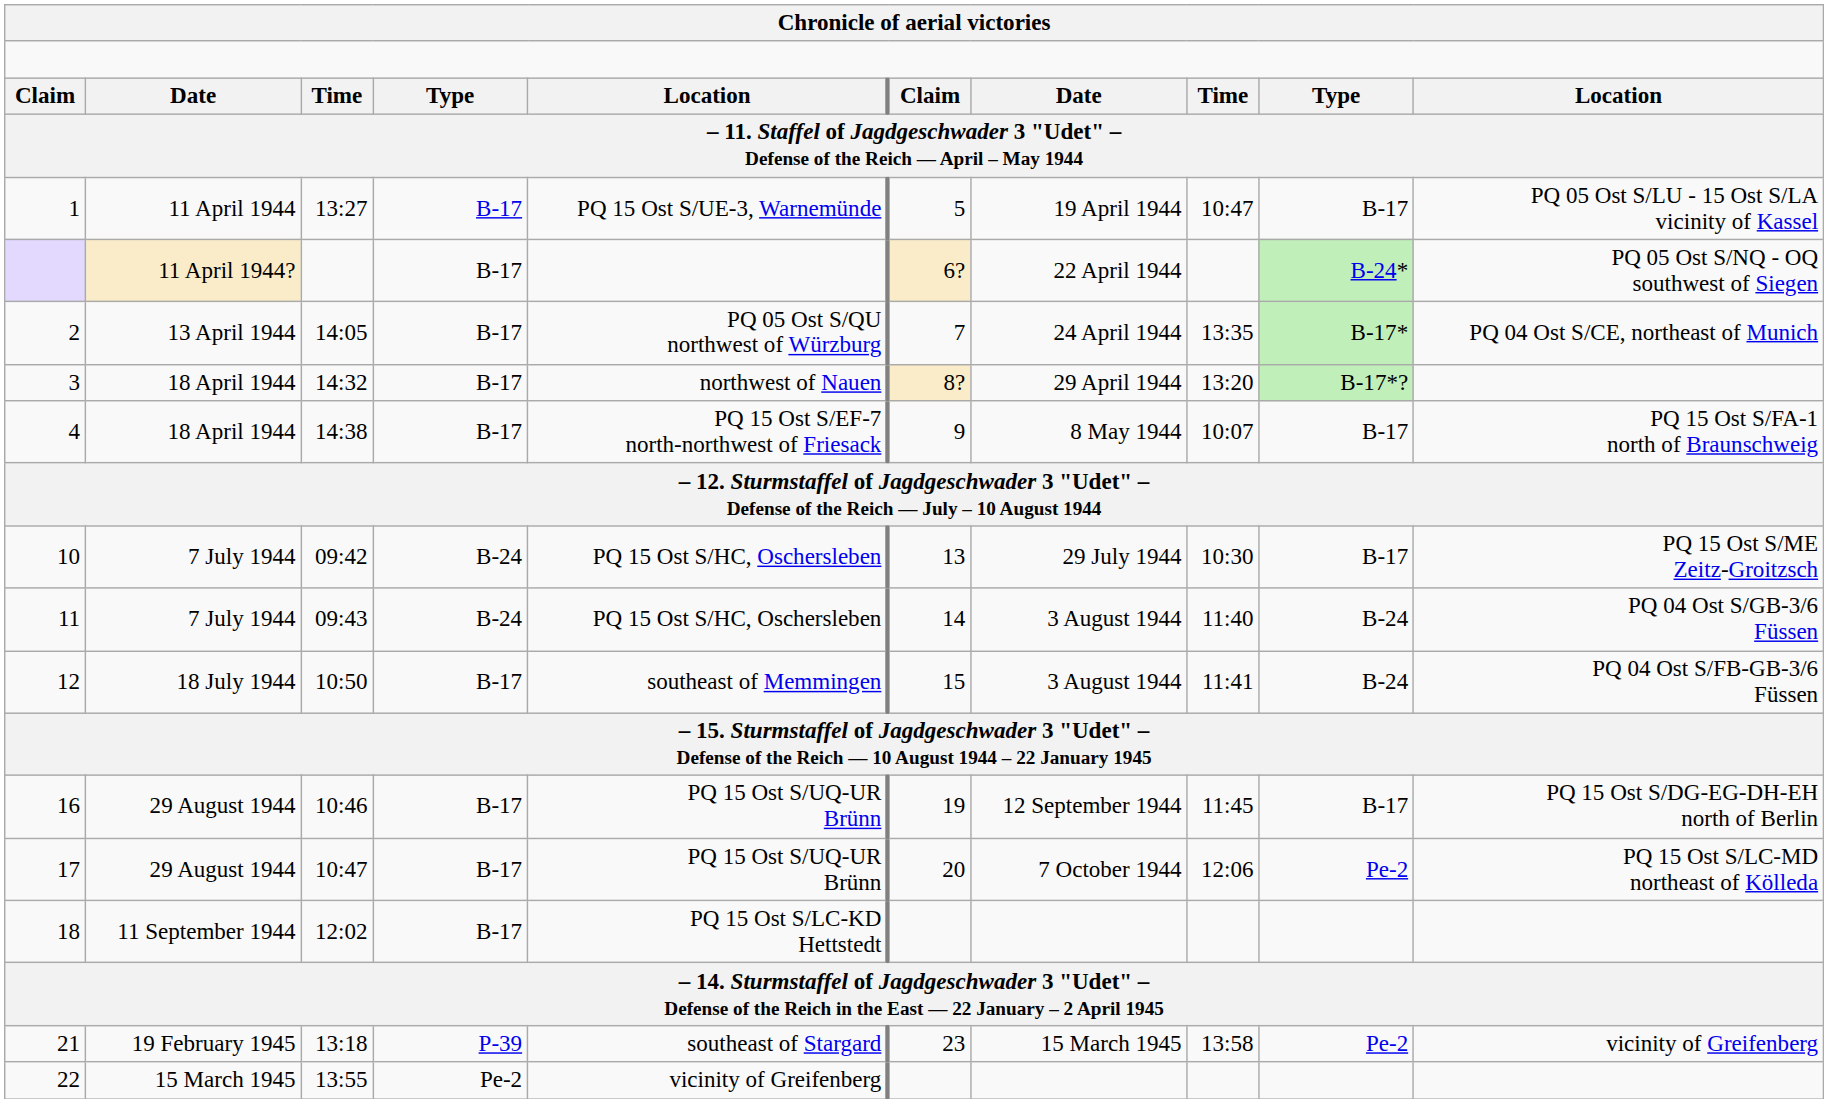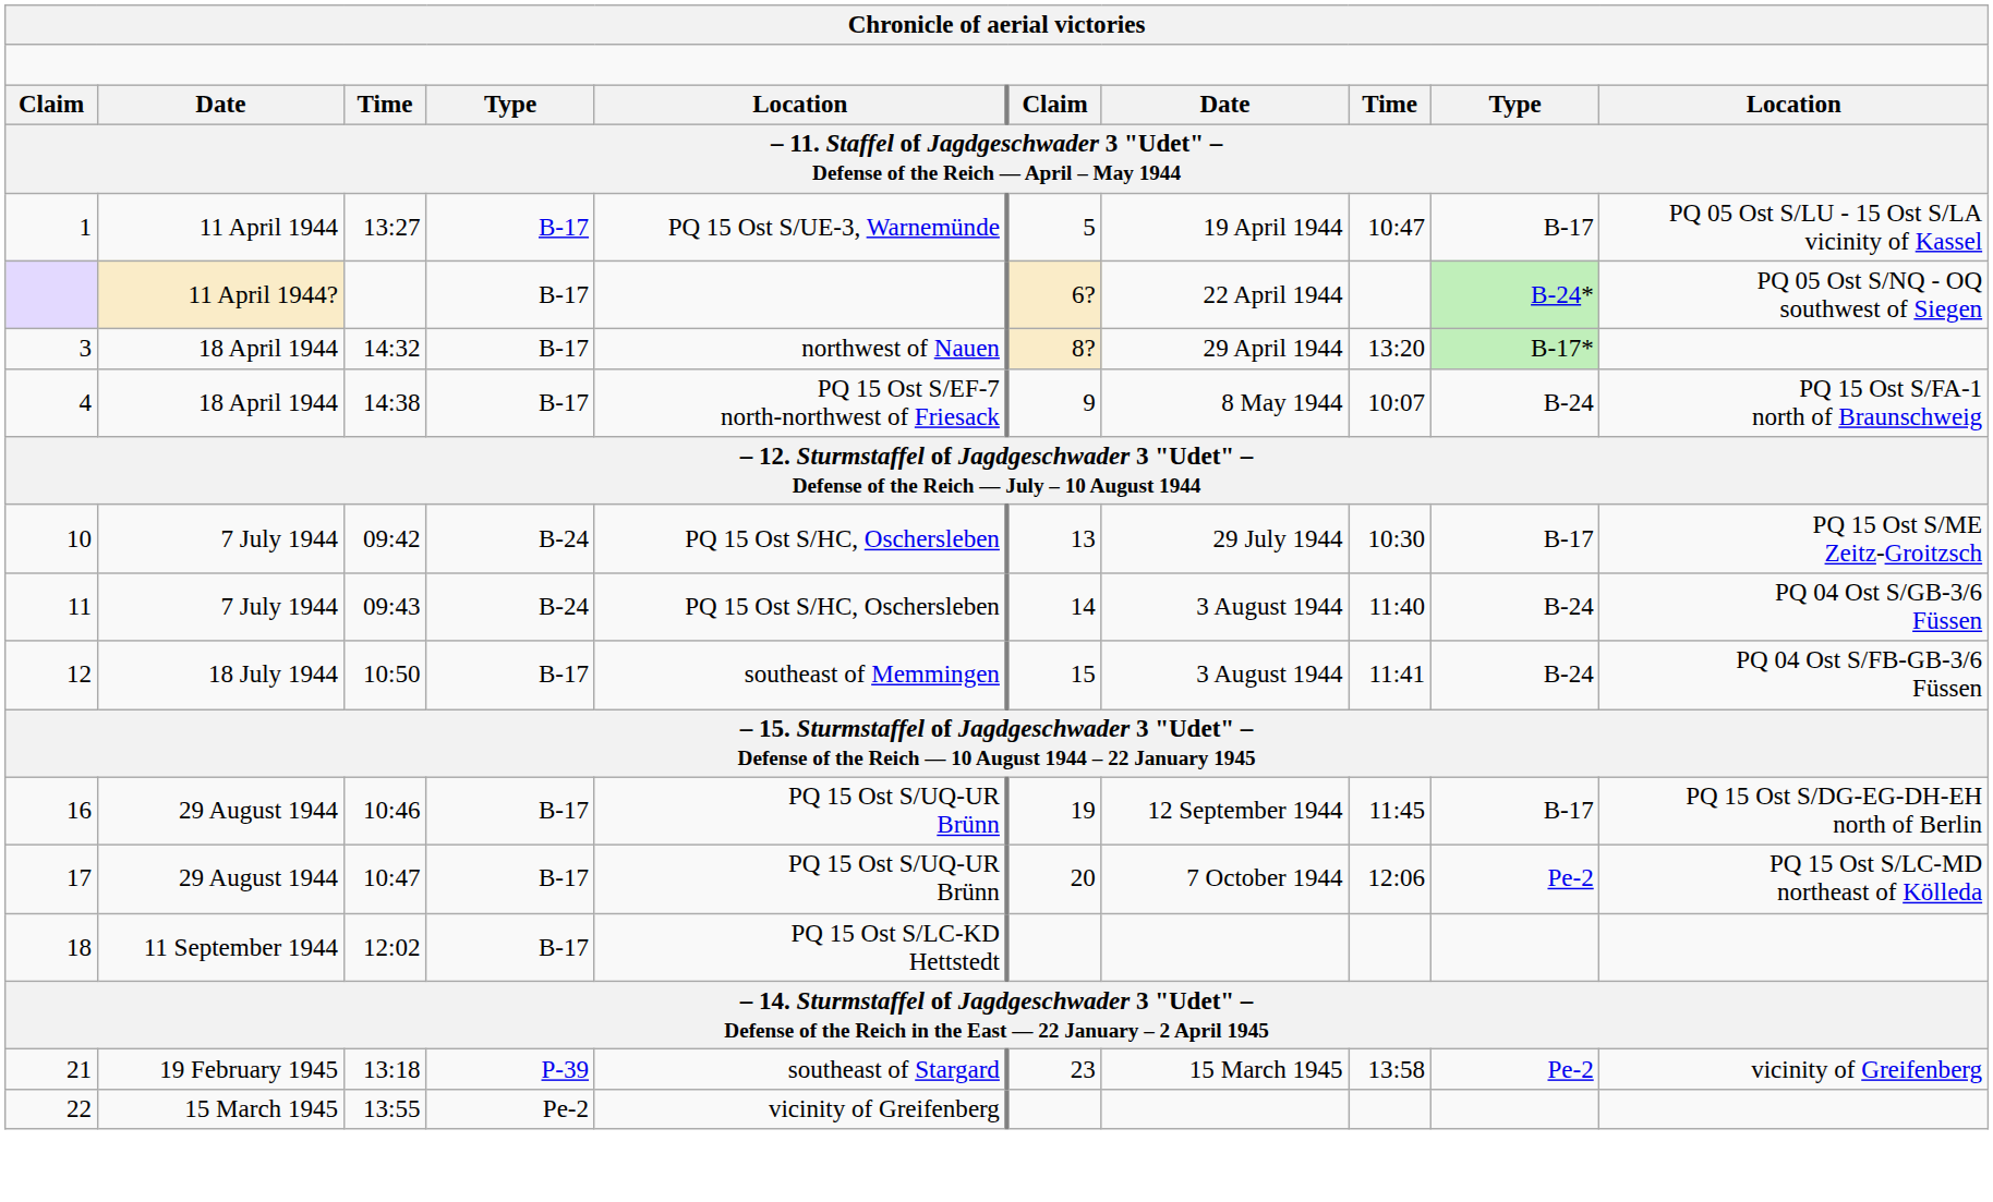 <table class="wikitable plainrowheaders collapsible" style="margin-left: auto; margin-right: auto; border: none; text-align:right; width: 100%;">
 <tr>
 <th colspan="10">Chronicle of aerial victories</th>
 </tr>
 <tr>
 <td colspan="10" style="text-align: left;"><br>  </td>
 </tr>
 <tr>
 <th scope="col">Claim</th>
 <th scope="col">Date</th>
 <th scope="col">Time</th>
 <th scope="col" width="100px">Type</th>
 <th scope="col">Location</th>
 <th scope="col" style="border-left: 3px solid grey;">Claim</th>
 <th scope="col">Date</th>
 <th scope="col">Time</th>
 <th scope="col" width="100px">Type</th>
 <th scope="col">Location</th>
 </tr>
 <tr>
 <th colspan="10">– 11. <em>Staffel</em> of <em>Jagdgeschwader</em> 3 "Udet" –<br><small>Defense of the Reich — April – May 1944</small></th>
 </tr>
 <tr>
 <td>1</td>
 <td>11 April 1944</td>
 <td>13:27</td>
 <td><a href='#'>B-17</a></td>
 <td>PQ 15 Ost S/UE-3, <a href='#'>Warnemünde</a></td>
 <td style="border-left: 3px solid grey;">5</td>
 <td>19 April 1944</td>
 <td>10:47</td>
 <td>B-17</td>
 <td>PQ 05 Ost S/LU - 15 Ost S/LA<br>vicinity of <a href='#'>Kassel</a></td>
 </tr>
 <tr>
 <td style="background:#e3d9ff;"></td>
 <td style="background:#faecc8">11 April 1944?</td>
 <td></td>
 <td>B-17</td>
 <td></td>
 <td style="border-left: 3px solid grey; background:#faecc8">6?</td>
 <td>22 April 1944</td>
 <td></td>
 <td style="background:#C0EFBA"><a href='#'>B-24</a>*</td>
 <td>PQ 05 Ost S/NQ - OQ<br>southwest of <a href='#'>Siegen</a></td>
 </tr>
 <tr>
-<td>2</td>
-<td>13 April 1944</td>
-<td>14:05</td>
-<td>B-17</td>
-<td>PQ 05 Ost S/QU<br>northwest of <a href='#'>Würzburg</a></td>
-<td style="border-left: 3px solid grey;">7</td>
-<td>24 April 1944</td>
-<td>13:35</td>
-<td style="background:#C0EFBA">B-17*</td>
-<td>PQ 04 Ost S/CE, northeast of <a href='#'>Munich</a></td>
-</tr>
-<tr>
 <td>3</td>
 <td>18 April 1944</td>
 <td>14:32</td>
 <td>B-17</td>
 <td>northwest of <a href='#'>Nauen</a></td>
 <td style="border-left: 3px solid grey; background:#faecc8">8?</td>
 <td>29 April 1944</td>
 <td>13:20</td>
-<td style="background:#C0EFBA">B-17*?</td>
+<td style="background:#C0EFBA">B-17*</td>
 <td></td>
 </tr>
 <tr>
 <td>4</td>
 <td>18 April 1944</td>
 <td>14:38</td>
 <td>B-17</td>
 <td>PQ 15 Ost S/EF-7<br>north-northwest of <a href='#'>Friesack</a></td>
 <td style="border-left: 3px solid grey;">9</td>
 <td>8 May 1944</td>
 <td>10:07</td>
-<td>B-17</td>
+<td>B-24</td>
 <td>PQ 15 Ost S/FA-1<br>north of <a href='#'>Braunschweig</a></td>
 </tr>
 <tr>
 <th colspan="10">– 12. <em>Sturmstaffel</em> of <em>Jagdgeschwader</em> 3 "Udet" –<br><small>Defense of the Reich — July – 10 August 1944</small></th>
 </tr>
 <tr>
 <td>10</td>
 <td>7 July 1944</td>
 <td>09:42</td>
 <td>B-24</td>
 <td>PQ 15 Ost S/HC, <a href='#'>Oschersleben</a></td>
 <td style="border-left: 3px solid grey;">13</td>
 <td>29 July 1944</td>
 <td>10:30</td>
 <td>B-17</td>
 <td>PQ 15 Ost S/ME<br><a href='#'>Zeitz</a>-<a href='#'>Groitzsch</a></td>
 </tr>
 <tr>
 <td>11</td>
 <td>7 July 1944</td>
 <td>09:43</td>
 <td>B-24</td>
 <td>PQ 15 Ost S/HC, Oschersleben</td>
 <td style="border-left: 3px solid grey;">14</td>
 <td>3 August 1944</td>
 <td>11:40</td>
 <td>B-24</td>
 <td>PQ 04 Ost S/GB-3/6<br><a href='#'>Füssen</a></td>
 </tr>
 <tr>
 <td>12</td>
 <td>18 July 1944</td>
 <td>10:50</td>
 <td>B-17</td>
 <td> southeast of <a href='#'>Memmingen</a></td>
 <td style="border-left: 3px solid grey;">15</td>
 <td>3 August 1944</td>
 <td>11:41</td>
 <td>B-24</td>
 <td>PQ 04 Ost S/FB-GB-3/6<br>Füssen</td>
 </tr>
 <tr>
 <th colspan="10">– 15. <em>Sturmstaffel</em> of <em>Jagdgeschwader</em> 3 "Udet" –<br><small>Defense of the Reich — 10 August 1944 – 22 January 1945</small></th>
 </tr>
 <tr>
 <td>16</td>
 <td>29 August 1944</td>
 <td>10:46</td>
 <td>B-17</td>
 <td>PQ 15 Ost S/UQ-UR<br><a href='#'>Brünn</a></td>
 <td style="border-left: 3px solid grey;">19</td>
 <td>12 September 1944</td>
 <td>11:45</td>
 <td>B-17</td>
 <td>PQ 15 Ost S/DG-EG-DH-EH<br>north of Berlin</td>
 </tr>
 <tr>
 <td>17</td>
 <td>29 August 1944</td>
 <td>10:47</td>
 <td>B-17</td>
 <td>PQ 15 Ost S/UQ-UR<br>Brünn</td>
 <td style="border-left: 3px solid grey;">20</td>
 <td>7 October 1944</td>
 <td>12:06</td>
 <td><a href='#'>Pe-2</a></td>
 <td>PQ 15 Ost S/LC-MD<br>northeast of <a href='#'>Kölleda</a></td>
 </tr>
 <tr>
 <td>18</td>
 <td>11 September 1944</td>
 <td>12:02</td>
 <td>B-17</td>
 <td>PQ 15 Ost S/LC-KD<br>Hettstedt</td>
 <td style="border-left: 3px solid grey;"></td>
 <td></td>
 <td></td>
 <td></td>
 <td></td>
 </tr>
 <tr>
 <th colspan="10">– 14. <em>Sturmstaffel</em> of <em>Jagdgeschwader</em> 3 "Udet" –<br><small>Defense of the Reich in the East — 22 January – 2 April 1945</small></th>
 </tr>
 <tr>
 <td>21</td>
 <td>19 February 1945</td>
 <td>13:18</td>
 <td><a href='#'>P-39</a></td>
 <td> southeast of <a href='#'>Stargard</a></td>
 <td style="border-left: 3px solid grey;">23</td>
 <td>15 March 1945</td>
 <td>13:58</td>
 <td><a href='#'>Pe-2</a></td>
 <td>vicinity of <a href='#'>Greifenberg</a></td>
 </tr>
 <tr>
 <td>22</td>
 <td>15 March 1945</td>
 <td>13:55</td>
 <td>Pe-2</td>
 <td>vicinity of Greifenberg</td>
 <td style="border-left: 3px solid grey;"></td>
 <td></td>
 <td></td>
 <td></td>
 <td></td>
 </tr>
 </table>
